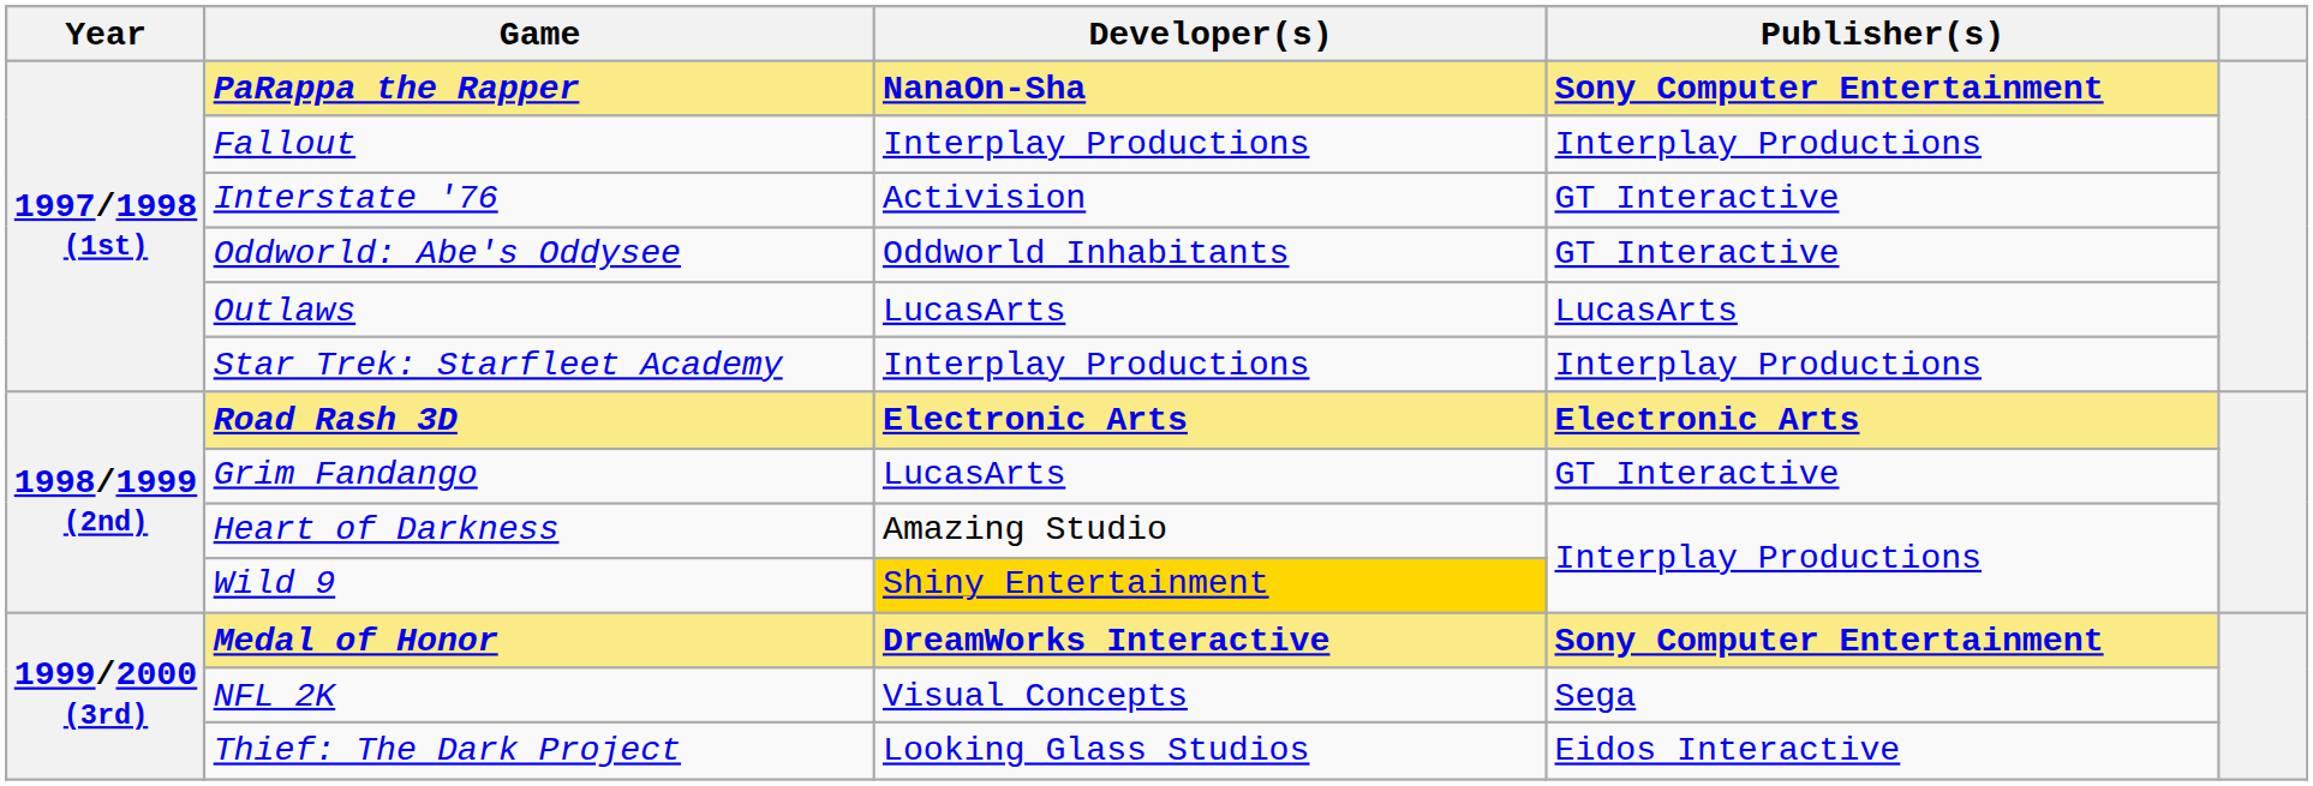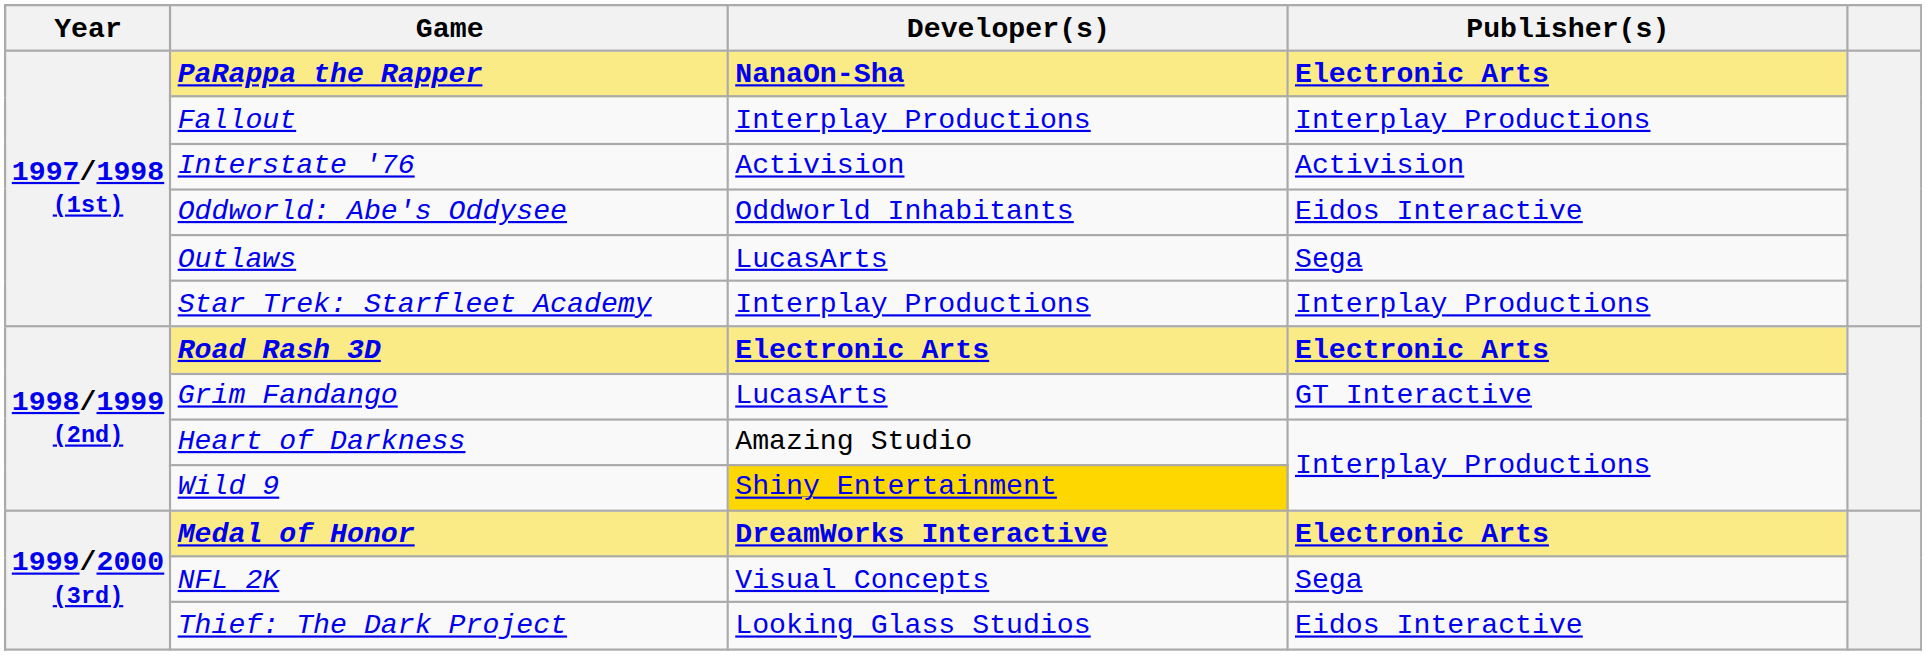 <table class="wikitable sortable" rowspan=2 style="width:100%;;">
 <tr style="background:#bebebe;">
 <th scope="col" style="width:6%;">Year</th>
 <th scope="col" style="width:30%;">Game</th>
 <th scope="col" style="width:30%;">Developer(s)</th>
 <th scope="col" style="width:30%;">Publisher(s)</th>
 <th scope="col" style="width:4%;" class="unsortable"></th>
 </tr>
 <tr>
 <th scope="row" rowspan="6" style="text-align:center"><a href='#'>1997</a>/<a href='#'>1998</a> <br><small><a href='#'>(1st)</a> </small></th>
 <td style="background:#FAEB86"><strong><em><a href='#'>PaRappa the Rapper</a></em></strong></td>
 <td style="background:#FAEB86"><strong><a href='#'>NanaOn-Sha</a></strong></td>
-<td style="background:#FAEB86"><strong><a href='#'>Sony Computer Entertainment</a></strong></td>
+<td style="background:#FAEB86"><strong><a href='#'>Electronic Arts</a></strong></td>
 <th scope="row" rowspan="6" style="text-align;center;"></th>
 </tr>
 <tr>
 <td><em><a href='#'>Fallout</a></em></td>
 <td><a href='#'>Interplay Productions</a></td>
 <td><a href='#'>Interplay Productions</a></td>
 </tr>
 <tr>
 <td><em><a href='#'>Interstate '76</a></em></td>
 <td><a href='#'>Activision</a></td>
-<td><a href='#'>GT Interactive</a></td>
+<td><a href='#'>Activision</a></td>
 </tr>
 <tr>
 <td><em><a href='#'>Oddworld: Abe's Oddysee</a></em></td>
 <td><a href='#'>Oddworld Inhabitants</a></td>
-<td><a href='#'>GT Interactive</a></td>
+<td><a href='#'>Eidos Interactive</a></td>
 </tr>
 <tr>
 <td><em><a href='#'>Outlaws</a></em></td>
 <td><a href='#'>LucasArts</a></td>
-<td><a href='#'>LucasArts</a></td>
+<td><a href='#'>Sega</a></td>
 </tr>
 <tr>
 <td><em><a href='#'>Star Trek: Starfleet Academy</a></em></td>
 <td><a href='#'>Interplay Productions</a></td>
 <td><a href='#'>Interplay Productions</a></td>
 </tr>
 <tr>
 <th scope="row" rowspan="4" style="text-align:center"><a href='#'>1998</a>/<a href='#'>1999</a> <br><small><a href='#'>(2nd)</a> </small></th>
 <td style="background:#FAEB86"><strong><em><a href='#'>Road Rash 3D</a></em></strong></td>
 <td style="background:#FAEB86"><strong><a href='#'>Electronic Arts</a></strong></td>
 <td style="background:#FAEB86"><strong><a href='#'>Electronic Arts</a></strong></td>
 <th scope="row" rowspan="4" style="text-align;center;"></th>
 </tr>
 <tr>
 <td><em><a href='#'>Grim Fandango</a></em></td>
 <td><a href='#'>LucasArts</a></td>
 <td><a href='#'>GT Interactive</a></td>
 </tr>
 <tr>
 <td><em><a href='#'>Heart of Darkness</a></em></td>
 <td>Amazing Studio</td>
 <td rowspan=2><a href='#'>Interplay Productions</a></td>
 </tr>
 <tr>
 <td><em><a href='#'>Wild 9</a></em></td>
 <td style="background: gold;"><a href='#'>Shiny Entertainment</a></td>
 </tr>
 <tr>
 <th scope="row" rowspan="3" style="text-align:center"><a href='#'>1999</a>/<a href='#'>2000</a> <br><small><a href='#'>(3rd)</a> </small></th>
 <td style="background:#FAEB86"><strong><em><a href='#'>Medal of Honor</a></em></strong></td>
 <td style="background:#FAEB86"><strong><a href='#'>DreamWorks Interactive</a></strong></td>
-<td style="background:#FAEB86"><strong><a href='#'>Sony Computer Entertainment</a></strong></td>
+<td style="background:#FAEB86"><strong><a href='#'>Electronic Arts</a></strong></td>
 <th scope="row" rowspan="3" style="text-align;center;"></th>
 </tr>
 <tr>
 <td><em><a href='#'>NFL 2K</a></em></td>
 <td><a href='#'>Visual Concepts</a></td>
 <td><a href='#'>Sega</a></td>
 </tr>
 <tr>
 <td><em><a href='#'>Thief: The Dark Project</a></em></td>
 <td><a href='#'>Looking Glass Studios</a></td>
 <td><a href='#'>Eidos Interactive</a></td>
 </tr>
 </table>
